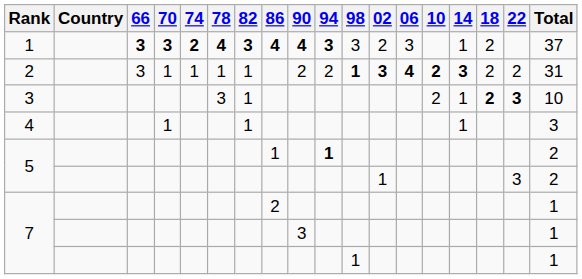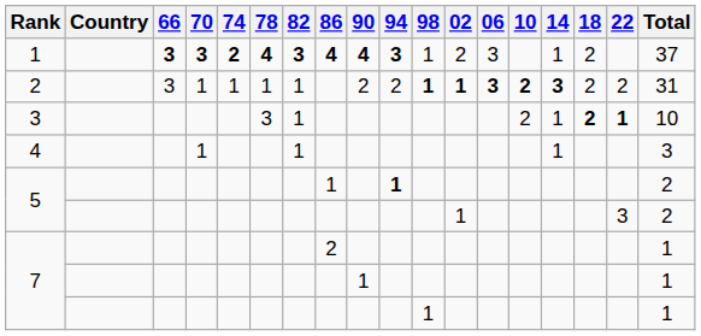 <table class=wikitable style="font-size:90%; text-align:center">
 <tr>
 <th>Rank</th>
 <th>Country</th>
 <th><a href='#'>66</a></th>
 <th><a href='#'>70</a></th>
 <th><a href='#'>74</a></th>
 <th><a href='#'>78</a></th>
 <th><a href='#'>82</a></th>
 <th><a href='#'>86</a></th>
 <th><a href='#'>90</a></th>
 <th><a href='#'>94</a></th>
 <th><a href='#'>98</a></th>
 <th><a href='#'>02</a></th>
 <th><a href='#'>06</a></th>
 <th><a href='#'>10</a></th>
 <th><a href='#'>14</a></th>
 <th><a href='#'>18</a></th>
 <th><a href='#'>22</a></th>
 <th>Total</th>
 </tr>
 <tr>
 <td>1</td>
 <td align=left></td>
 <td><strong>3</strong></td>
 <td><strong>3</strong></td>
 <td><strong>2</strong></td>
 <td><strong>4</strong></td>
 <td><strong>3</strong></td>
 <td><strong>4</strong></td>
 <td><strong>4</strong></td>
 <td><strong>3</strong></td>
-<td>3</td>
+<td>1</td>
 <td>2</td>
 <td>3</td>
 <td></td>
 <td>1</td>
 <td>2</td>
 <td></td>
 <td>37</td>
 </tr>
 <tr>
 <td>2</td>
 <td align=left></td>
 <td>3</td>
 <td>1</td>
 <td>1</td>
 <td>1</td>
 <td>1</td>
 <td></td>
 <td>2</td>
 <td>2</td>
 <td><strong>1</strong></td>
+<td><strong>1</strong></td>
 <td><strong>3</strong></td>
-<td><strong>4</strong></td>
 <td><strong>2</strong></td>
 <td><strong>3</strong></td>
 <td>2</td>
 <td>2</td>
 <td>31</td>
 </tr>
 <tr>
 <td>3</td>
 <td align=left></td>
 <td></td>
 <td></td>
 <td></td>
 <td>3</td>
 <td>1</td>
 <td></td>
 <td></td>
 <td></td>
 <td></td>
 <td></td>
 <td></td>
 <td>2</td>
 <td>1</td>
 <td><strong>2</strong></td>
-<td><strong>3</strong></td>
+<td><strong>1</strong></td>
 <td>10</td>
 </tr>
 <tr>
 <td>4</td>
 <td align=left></td>
 <td></td>
 <td>1</td>
 <td></td>
 <td></td>
 <td>1</td>
 <td></td>
 <td></td>
 <td></td>
 <td></td>
 <td></td>
 <td></td>
 <td></td>
 <td>1</td>
 <td></td>
 <td></td>
 <td>3</td>
 </tr>
 <tr>
 <td rowspan=2>5</td>
 <td align=left></td>
 <td></td>
 <td></td>
 <td></td>
 <td></td>
 <td></td>
 <td>1</td>
 <td></td>
 <td><strong>1</strong></td>
 <td></td>
 <td></td>
 <td></td>
 <td></td>
 <td></td>
 <td></td>
 <td></td>
 <td>2</td>
 </tr>
 <tr>
 <td align=left></td>
 <td></td>
 <td></td>
 <td></td>
 <td></td>
 <td></td>
 <td></td>
 <td></td>
 <td></td>
 <td></td>
 <td>1</td>
 <td></td>
 <td></td>
 <td></td>
 <td></td>
 <td>3</td>
 <td>2</td>
 </tr>
 <tr>
 <td rowspan=3>7</td>
 <td align=left></td>
 <td></td>
 <td></td>
 <td></td>
 <td></td>
 <td></td>
 <td>2</td>
 <td></td>
 <td></td>
 <td></td>
 <td></td>
 <td></td>
 <td></td>
 <td></td>
 <td></td>
 <td></td>
 <td>1</td>
 </tr>
 <tr>
 <td align=left></td>
 <td></td>
 <td></td>
 <td></td>
 <td></td>
 <td></td>
 <td></td>
-<td>3</td>
+<td>1</td>
 <td></td>
 <td></td>
 <td></td>
 <td></td>
 <td></td>
 <td></td>
 <td></td>
 <td></td>
 <td>1</td>
 </tr>
 <tr>
 <td align=left></td>
 <td></td>
 <td></td>
 <td></td>
 <td></td>
 <td></td>
 <td></td>
 <td></td>
 <td></td>
 <td>1</td>
 <td></td>
 <td></td>
 <td></td>
 <td></td>
 <td></td>
 <td></td>
 <td>1</td>
 </tr>
 </table>
